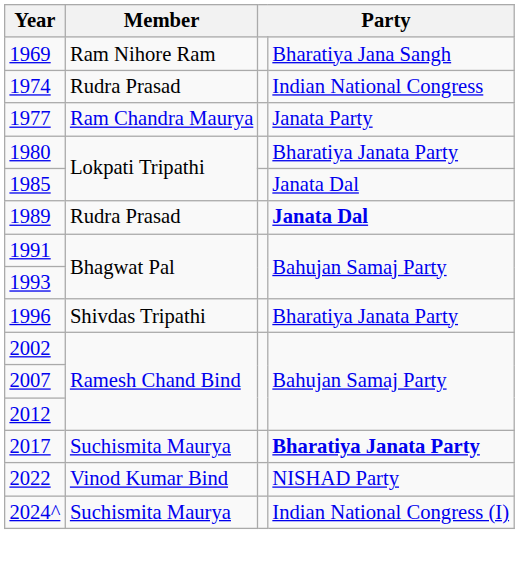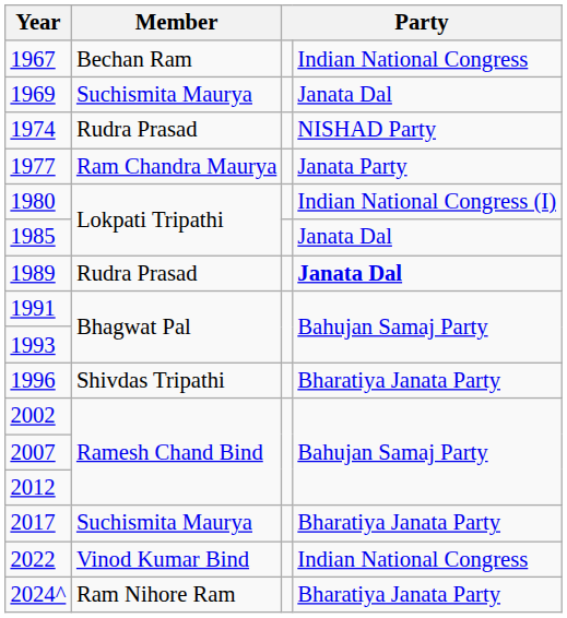 <table class="wikitable">
 <tr>
 <th>Year</th>
 <th>Member</th>
 <th colspan="2">Party</th>
 </tr>
 <tr>
+<td><a href='#'>1967</a></td>
+<td>Bechan Ram</td>
+<td style="background-color: "></td>
+<td><a href='#'>Indian National Congress</a></td>
+</tr>
+<tr>
 <td><a href='#'>1969</a></td>
-<td>Ram Nihore Ram</td>
+<td><a href='#'>Suchismita Maurya</a></td>
 <td style="background-color: "></td>
-<td><a href='#'>Bharatiya Jana Sangh</a></td>
+<td><a href='#'>Janata Dal</a></td>
 </tr>
 <tr>
 <td><a href='#'>1974</a></td>
 <td>Rudra Prasad</td>
 <td style="background-color: "></td>
-<td><a href='#'>Indian National Congress</a></td>
+<td><a href='#'>NISHAD Party</a></td>
 </tr>
 <tr>
 <td><a href='#'>1977</a></td>
 <td><a href='#'>Ram Chandra Maurya</a></td>
 <td style="background-color: "></td>
 <td><a href='#'>Janata Party</a></td>
 </tr>
 <tr>
 <td><a href='#'>1980</a></td>
 <td rowspan="2">Lokpati Tripathi</td>
 <td style="background-color: "></td>
-<td><a href='#'>Bharatiya Janata Party</a></td>
+<td><a href='#'>Indian National Congress (I)</a></td>
 </tr>
 <tr>
 <td><a href='#'>1985</a></td>
 <td style="background-color: "></td>
 <td><a href='#'>Janata Dal</a></td>
 </tr>
 <tr>
 <td><a href='#'>1989</a></td>
 <td>Rudra Prasad</td>
 <td style="background-color: "></td>
 <td><strong><a href='#'>Janata Dal</a></strong></td>
 </tr>
 <tr>
 <td><a href='#'>1991</a></td>
 <td rowspan="2">Bhagwat Pal</td>
 <td rowspan="2" style="background-color: "></td>
 <td rowspan="2"><a href='#'>Bahujan Samaj Party</a></td>
 </tr>
 <tr>
 <td><a href='#'>1993</a></td>
 </tr>
 <tr>
 <td><a href='#'>1996</a></td>
 <td>Shivdas Tripathi</td>
 <td style="background-color: "></td>
 <td><a href='#'>Bharatiya Janata Party</a></td>
 </tr>
 <tr>
 <td><a href='#'>2002</a></td>
 <td rowspan="3"><a href='#'>Ramesh Chand Bind</a></td>
 <td rowspan="3" style="background-color: "></td>
 <td rowspan="3"><a href='#'>Bahujan Samaj Party</a></td>
 </tr>
 <tr>
 <td><a href='#'>2007</a></td>
 </tr>
 <tr>
 <td><a href='#'>2012</a></td>
 </tr>
 <tr>
 <td><a href='#'>2017</a></td>
 <td><a href='#'>Suchismita Maurya</a></td>
 <td style="background-color: "></td>
-<td><strong><a href='#'>Bharatiya Janata Party</a></strong></td>
+<td><a href='#'>Bharatiya Janata Party</a></td>
 </tr>
 <tr>
 <td><a href='#'>2022</a></td>
 <td><a href='#'>Vinod Kumar Bind</a></td>
 <td style="background-color: "></td>
-<td><a href='#'>NISHAD Party</a></td>
+<td><a href='#'>Indian National Congress</a></td>
 </tr>
 <tr>
 <td><a href='#'>2024^</a></td>
-<td><a href='#'>Suchismita Maurya</a></td>
+<td>Ram Nihore Ram</td>
 <td style="background-color: "></td>
-<td><a href='#'>Indian National Congress (I)</a></td>
+<td><a href='#'>Bharatiya Janata Party</a></td>
 </tr>
 </table>
